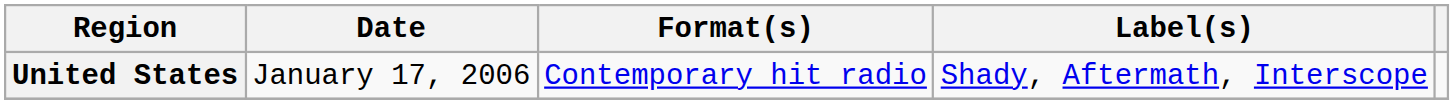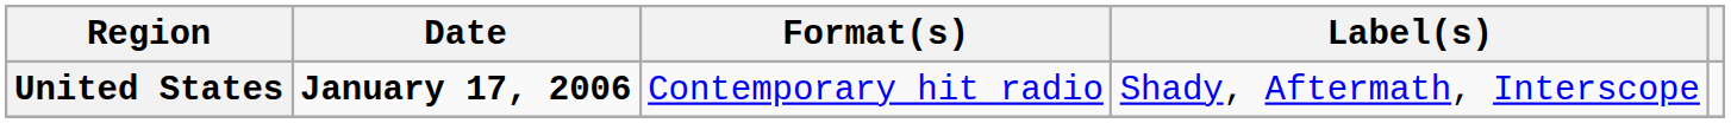 <table class="wikitable plainrowheaders">
 <tr>
 <th scope="col">Region</th>
 <th scope="col">Date</th>
 <th scope="col">Format(s)</th>
 <th scope="col">Label(s)</th>
 <th scope="col"></th>
 </tr>
 <tr>
 <th scope="row">United States</th>
-<td>January 17, 2006</td>
+<td><strong>January 17, 2006</strong></td>
 <td><a href='#'>Contemporary hit radio</a></td>
 <td><a href='#'>Shady</a>, <a href='#'>Aftermath</a>, <a href='#'>Interscope</a></td>
 <td align="center"></td>
 </tr>
 <tr>
 </tr>
 </table>
